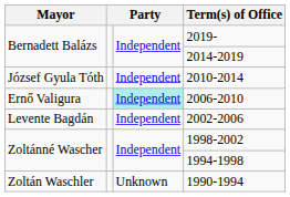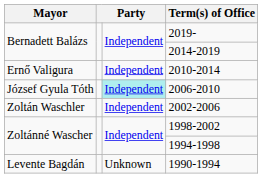 <table class="wikitable">
 <tr>
 <th>Mayor</th>
 <th colspan="2">Party</th>
 <th>Term(s) of Office</th>
 </tr>
 <tr>
 <td rowspan="2">Bernadett Balázs</td>
 <td rowspan="2" style="background-color:"></td>
 <td rowspan="2"><a href='#'>Independent</a></td>
 <td>2019-</td>
 </tr>
 <tr>
 <td>2014-2019</td>
 </tr>
 <tr>
-<td>József Gyula Tóth</td>
+<td>Ernő Valigura</td>
 <td style="background-color:"></td>
 <td><a href='#'>Independent</a></td>
 <td>2010-2014</td>
 </tr>
 <tr>
-<td>Ernő Valigura</td>
+<td>József Gyula Tóth</td>
 <td style="background-color:"></td>
 <td style="background: paleturquoise;"><a href='#'>Independent</a></td>
 <td>2006-2010</td>
 </tr>
 <tr>
-<td>Levente Bagdán</td>
+<td>Zoltán Waschler</td>
 <td style="background-color:"></td>
 <td><a href='#'>Independent</a></td>
 <td>2002-2006</td>
 </tr>
 <tr>
 <td rowspan="2">Zoltánné Wascher</td>
 <td rowspan="2" style="background-color:"></td>
 <td rowspan="2"><a href='#'>Independent</a></td>
 <td>1998-2002</td>
 </tr>
 <tr>
 <td>1994-1998</td>
 </tr>
 <tr>
-<td>Zoltán Waschler</td>
+<td>Levente Bagdán</td>
 <td></td>
 <td>Unknown</td>
 <td>1990-1994</td>
 </tr>
 </table>
